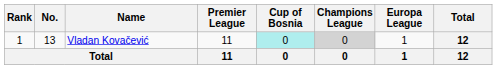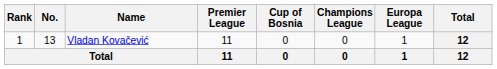 <table class="wikitable" style="text-align:center;">
 <tr>
 <th style="width:40px;">Rank</th>
 <th style="width:40px;">No.</th>
 <th style="width:200px;">Name</th>
 <th style="width:84px;">Premier League</th>
 <th style="width:84px;">Cup of Bosnia</th>
 <th style="width:84px;">Champions League</th>
 <th style="width:84px;">Europa League</th>
 <th style="width:84px;">Total</th>
 </tr>
 <tr>
 <td>1</td>
 <td>13</td>
 <td align="left"> <a href='#'>Vladan Kovačević</a></td>
 <td>11</td>
-<td style="background: paleturquoise;">0</td>
-<td style="background: lightgrey;">0</td>
+<td>0</td>
+<td>0</td>
 <td>1</td>
 <th>12</th>
 </tr>
 <tr>
 <th colspan="3">Total</th>
 <th>11</th>
 <th>0</th>
 <th>0</th>
 <th>1</th>
 <th>12</th>
 </tr>
 </table>
